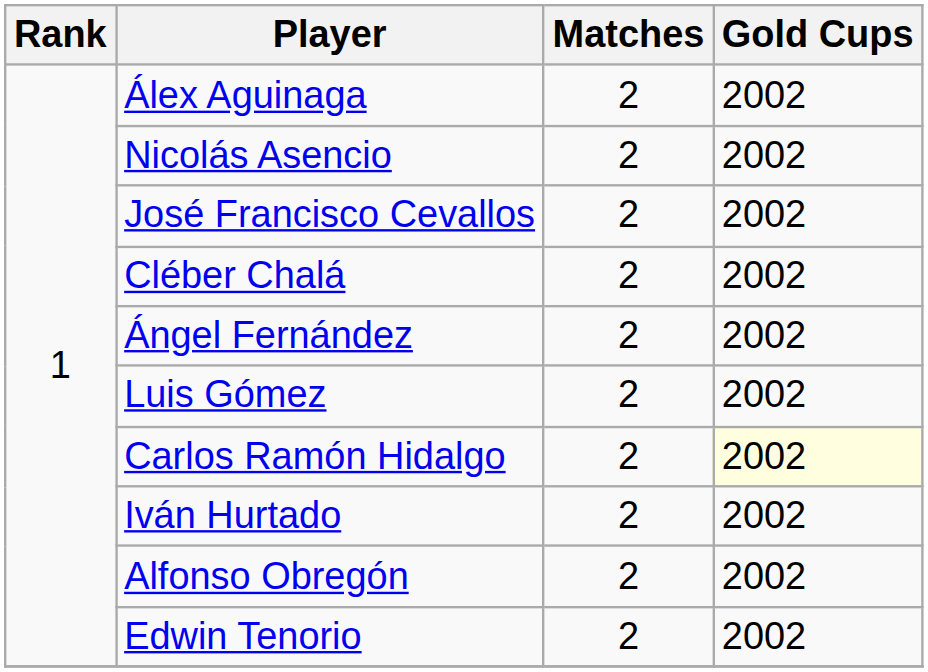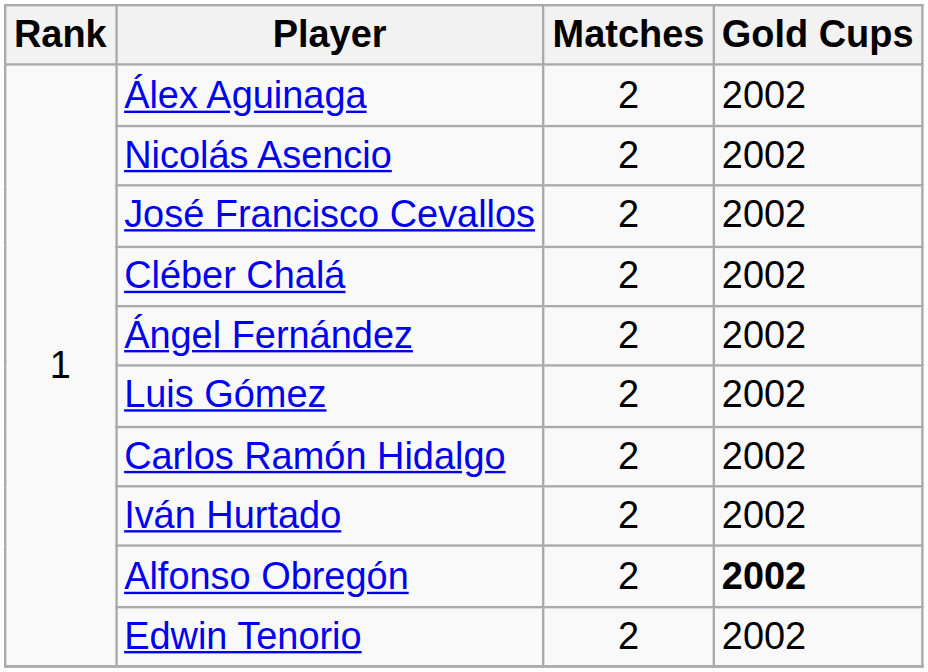 <table class="wikitable" style="text-align: left;">
 <tr>
 <th>Rank</th>
 <th>Player</th>
 <th>Matches</th>
 <th>Gold Cups</th>
 </tr>
 <tr>
 <td rowspan=10 align=center>1</td>
 <td><a href='#'>Álex Aguinaga</a></td>
 <td align=center>2</td>
 <td>2002</td>
 </tr>
 <tr>
 <td><a href='#'>Nicolás Asencio</a></td>
 <td align=center>2</td>
 <td>2002</td>
 </tr>
 <tr>
 <td><a href='#'>José Francisco Cevallos</a></td>
 <td align=center>2</td>
 <td>2002</td>
 </tr>
 <tr>
 <td><a href='#'>Cléber Chalá</a></td>
 <td align=center>2</td>
 <td>2002</td>
 </tr>
 <tr>
 <td><a href='#'>Ángel Fernández</a></td>
 <td align=center>2</td>
 <td>2002</td>
 </tr>
 <tr>
 <td><a href='#'>Luis Gómez</a></td>
 <td align=center>2</td>
 <td>2002</td>
 </tr>
 <tr>
 <td><a href='#'>Carlos Ramón Hidalgo</a></td>
 <td align=center>2</td>
-<td style="background: lightyellow;">2002</td>
+<td>2002</td>
 </tr>
 <tr>
 <td><a href='#'>Iván Hurtado</a></td>
 <td align=center>2</td>
 <td>2002</td>
 </tr>
 <tr>
 <td><a href='#'>Alfonso Obregón</a></td>
 <td align=center>2</td>
-<td>2002</td>
+<td><strong>2002</strong></td>
 </tr>
 <tr>
 <td><a href='#'>Edwin Tenorio</a></td>
 <td align=center>2</td>
 <td>2002</td>
 </tr>
 <tr>
 </tr>
 </table>
